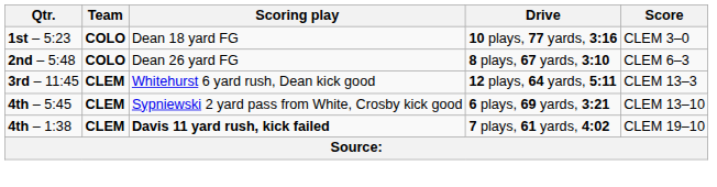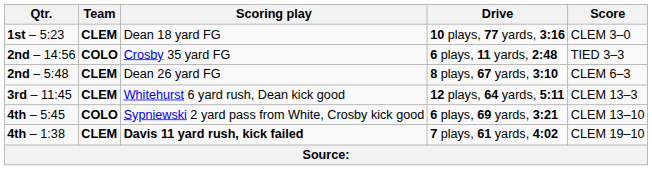 <table class="wikitable">
 <tr>
 <th>Qtr.</th>
 <th>Team</th>
 <th>Scoring play</th>
 <th>Drive</th>
 <th>Score</th>
 </tr>
 <tr>
 <td><strong>1st</strong> – 5:23</td>
-<td><strong>COLO</strong></td>
+<td><strong>CLEM</strong></td>
 <td>Dean 18 yard FG</td>
 <td><strong>10</strong> plays, <strong>77</strong> yards, <strong>3:16</strong></td>
 <td>CLEM 3–0</td>
 </tr>
 <tr>
+<td><strong>2nd</strong> – 14:56</td>
+<td><strong>COLO</strong></td>
+<td><a href='#'>Crosby</a> 35 yard FG</td>
+<td><strong>6</strong> plays, <strong>11</strong> yards, <strong>2:48</strong></td>
+<td>TIED 3–3</td>
+</tr>
+<tr>
 <td><strong>2nd</strong> – 5:48</td>
-<td><strong>COLO</strong></td>
+<td><strong>CLEM</strong></td>
 <td>Dean 26 yard FG</td>
 <td><strong>8</strong> plays, <strong>67</strong> yards, <strong>3:10</strong></td>
 <td>CLEM 6–3</td>
 </tr>
 <tr>
 <td><strong>3rd</strong> – 11:45</td>
 <td><strong>CLEM</strong></td>
 <td><a href='#'>Whitehurst</a> 6 yard rush, Dean kick good</td>
 <td><strong>12</strong> plays, <strong>64</strong> yards, <strong>5:11</strong></td>
 <td>CLEM 13–3</td>
 </tr>
 <tr>
 <td><strong>4th</strong> – 5:45</td>
-<td><strong>CLEM</strong></td>
+<td><strong>COLO</strong></td>
 <td><a href='#'>Sypniewski</a> 2 yard pass from White, Crosby kick good</td>
 <td><strong>6</strong> plays, <strong>69</strong> yards, <strong>3:21</strong></td>
 <td>CLEM 13–10</td>
 </tr>
 <tr>
 <td><strong>4th</strong> – 1:38</td>
 <td><strong>CLEM</strong></td>
 <td><strong>Davis 11 yard rush, kick failed</strong></td>
 <td><strong>7</strong> plays, <strong>61</strong> yards, <strong>4:02</strong></td>
 <td>CLEM 19–10</td>
 </tr>
 <tr>
 <th colspan=5>Source:</th>
 </tr>
 </table>
